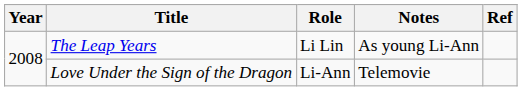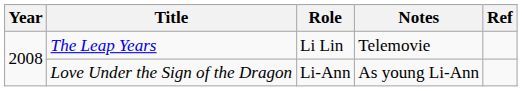 <table class="wikitable sortable">
 <tr>
 <th>Year</th>
 <th>Title</th>
 <th>Role</th>
 <th class="unsortable">Notes</th>
 <th class="unsortable">Ref</th>
 </tr>
 <tr>
 <td rowspan="2">2008</td>
 <td><em><a href='#'>The Leap Years</a></em></td>
 <td>Li Lin</td>
-<td>As young Li-Ann</td>
+<td>Telemovie</td>
 <td></td>
 </tr>
 <tr>
 <td><em>Love Under the Sign of the Dragon</em></td>
 <td>Li-Ann</td>
-<td>Telemovie</td>
+<td>As young Li-Ann</td>
 <td></td>
 </tr>
 </table>
